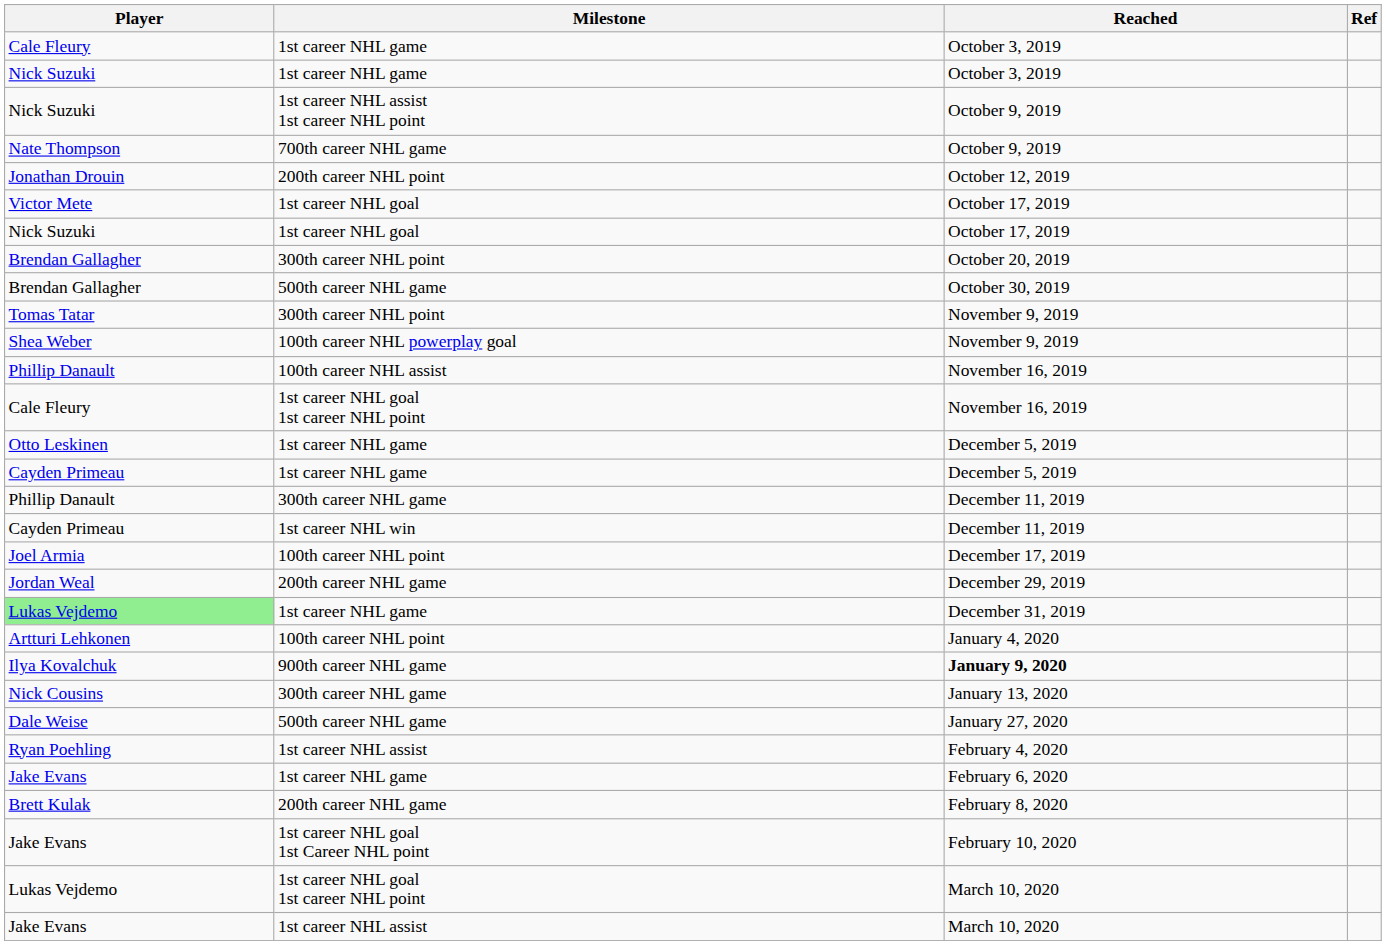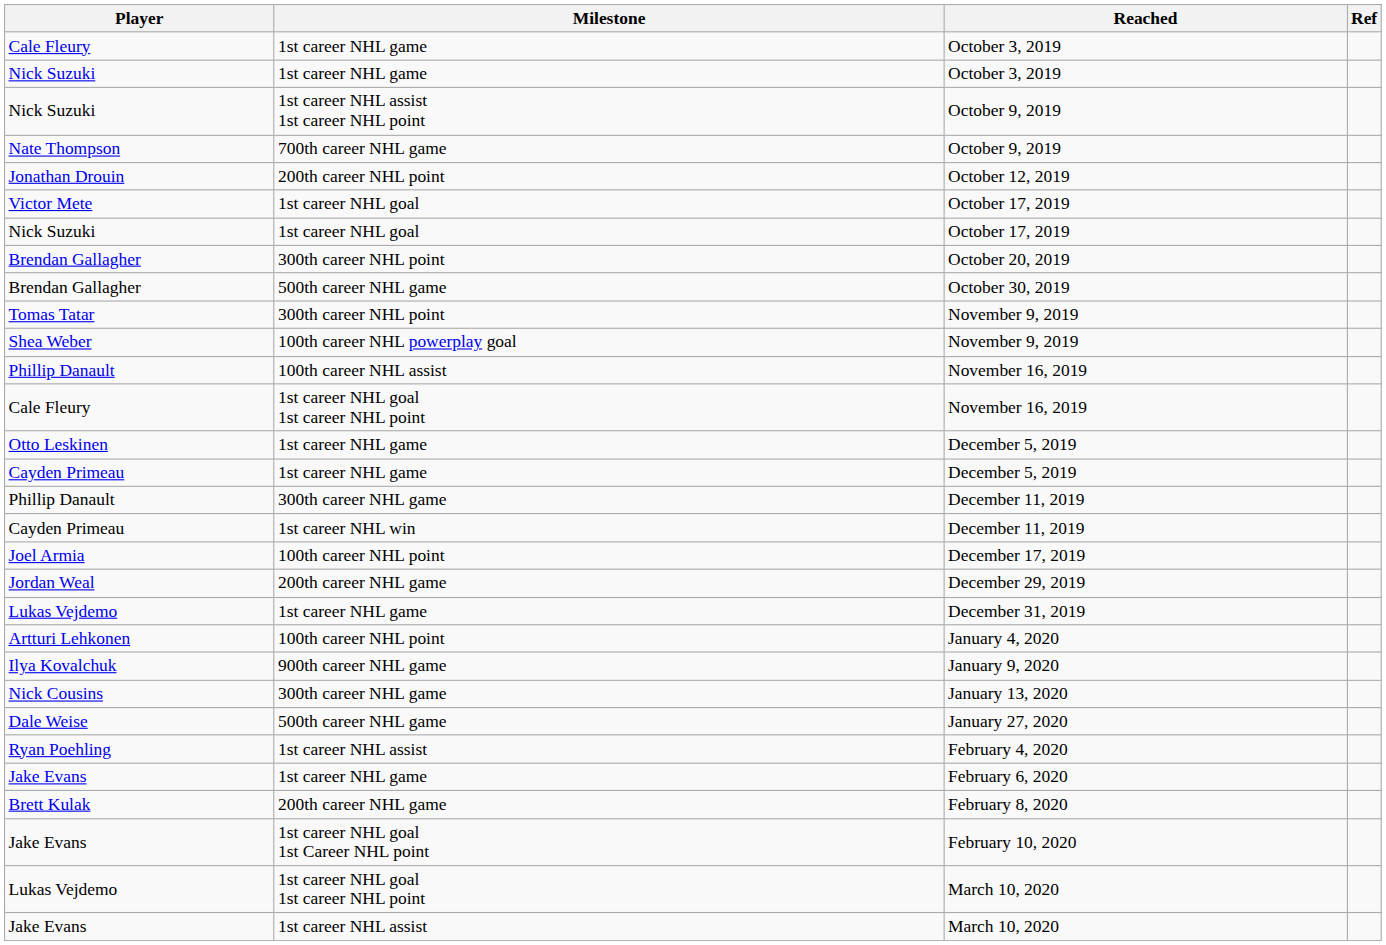 <table class="wikitable sortable" style="width:100%;">
 <tr align=center>
 <th style="width:20%;">Player</th>
 <th style="width:50%;">Milestone</th>
 <th style="width:30%;" data-sort-type="date">Reached</th>
 <th style="width:20%;">Ref</th>
 </tr>
 <tr>
 <td><a href='#'>Cale Fleury</a></td>
 <td>1st career NHL game</td>
 <td>October 3, 2019</td>
 <td></td>
 </tr>
 <tr>
 <td><a href='#'>Nick Suzuki</a></td>
 <td>1st career NHL game</td>
 <td>October 3, 2019</td>
 <td></td>
 </tr>
 <tr>
 <td>Nick Suzuki</td>
 <td>1st career NHL assist<br>1st career NHL point</td>
 <td>October 9, 2019</td>
 <td></td>
 </tr>
 <tr>
 <td><a href='#'>Nate Thompson</a></td>
 <td>700th career NHL game</td>
 <td>October 9, 2019</td>
 <td></td>
 </tr>
 <tr>
 <td><a href='#'>Jonathan Drouin</a></td>
 <td>200th career NHL point</td>
 <td>October 12, 2019</td>
 <td></td>
 </tr>
 <tr>
 <td><a href='#'>Victor Mete</a></td>
 <td>1st career NHL goal</td>
 <td>October 17, 2019</td>
 <td></td>
 </tr>
 <tr>
 <td>Nick Suzuki</td>
 <td>1st career NHL goal</td>
 <td>October 17, 2019</td>
 <td></td>
 </tr>
 <tr>
 <td><a href='#'>Brendan Gallagher</a></td>
 <td>300th career NHL point</td>
 <td>October 20, 2019</td>
 <td></td>
 </tr>
 <tr>
 <td>Brendan Gallagher</td>
 <td>500th career NHL game</td>
 <td>October 30, 2019</td>
 <td></td>
 </tr>
 <tr>
 <td><a href='#'>Tomas Tatar</a></td>
 <td>300th career NHL point</td>
 <td>November 9, 2019</td>
 <td></td>
 </tr>
 <tr>
 <td><a href='#'>Shea Weber</a></td>
 <td>100th career NHL  <a href='#'>powerplay</a> goal</td>
 <td>November 9, 2019</td>
 <td></td>
 </tr>
 <tr>
 <td><a href='#'>Phillip Danault</a></td>
 <td>100th career NHL assist</td>
 <td>November 16, 2019</td>
 <td></td>
 </tr>
 <tr>
 <td>Cale Fleury</td>
 <td>1st career NHL goal<br>1st career NHL point</td>
 <td>November 16, 2019</td>
 <td></td>
 </tr>
 <tr>
 <td><a href='#'>Otto Leskinen</a></td>
 <td>1st career NHL game</td>
 <td>December 5, 2019</td>
 <td></td>
 </tr>
 <tr>
 <td><a href='#'>Cayden Primeau</a></td>
 <td>1st career NHL game</td>
 <td>December 5, 2019</td>
 <td></td>
 </tr>
 <tr>
 <td>Phillip Danault</td>
 <td>300th career NHL game</td>
 <td>December 11, 2019</td>
 <td></td>
 </tr>
 <tr>
 <td>Cayden Primeau</td>
 <td>1st career NHL win</td>
 <td>December 11, 2019</td>
 <td></td>
 </tr>
 <tr>
 <td><a href='#'>Joel Armia</a></td>
 <td>100th career NHL point</td>
 <td>December 17, 2019</td>
 <td></td>
 </tr>
 <tr>
 <td><a href='#'>Jordan Weal</a></td>
 <td>200th career NHL game</td>
 <td>December 29, 2019</td>
 <td></td>
 </tr>
 <tr>
-<td style="background: lightgreen;"><a href='#'>Lukas Vejdemo</a></td>
+<td><a href='#'>Lukas Vejdemo</a></td>
 <td>1st career NHL game</td>
 <td>December 31, 2019</td>
 <td></td>
 </tr>
 <tr>
 <td><a href='#'>Artturi Lehkonen</a></td>
 <td>100th career NHL point</td>
 <td>January 4, 2020</td>
 <td></td>
 </tr>
 <tr>
 <td><a href='#'>Ilya Kovalchuk</a></td>
 <td>900th career NHL game</td>
-<td><strong>January 9, 2020</strong></td>
+<td>January 9, 2020</td>
 <td></td>
 </tr>
 <tr>
 <td><a href='#'>Nick Cousins</a></td>
 <td>300th career NHL game</td>
 <td>January 13, 2020</td>
 <td></td>
 </tr>
 <tr>
 <td><a href='#'>Dale Weise</a></td>
 <td>500th career NHL game</td>
 <td>January 27, 2020</td>
 <td></td>
 </tr>
 <tr>
 <td><a href='#'>Ryan Poehling</a></td>
 <td>1st career NHL assist</td>
 <td>February 4, 2020</td>
 <td></td>
 </tr>
 <tr>
 <td><a href='#'>Jake Evans</a></td>
 <td>1st career NHL game</td>
 <td>February 6, 2020</td>
 <td></td>
 </tr>
 <tr>
 <td><a href='#'>Brett Kulak</a></td>
 <td>200th career NHL game</td>
 <td>February 8, 2020</td>
 <td></td>
 </tr>
 <tr>
 <td>Jake Evans</td>
 <td>1st career NHL goal<br>1st Career NHL point</td>
 <td>February 10, 2020</td>
 <td></td>
 </tr>
 <tr>
 <td>Lukas Vejdemo</td>
 <td>1st career NHL goal<br>1st career NHL point</td>
 <td>March 10, 2020</td>
 <td></td>
 </tr>
 <tr>
 <td>Jake Evans</td>
 <td>1st career NHL assist</td>
 <td>March 10, 2020</td>
 <td></td>
 </tr>
 <tr>
 </tr>
 </table>
